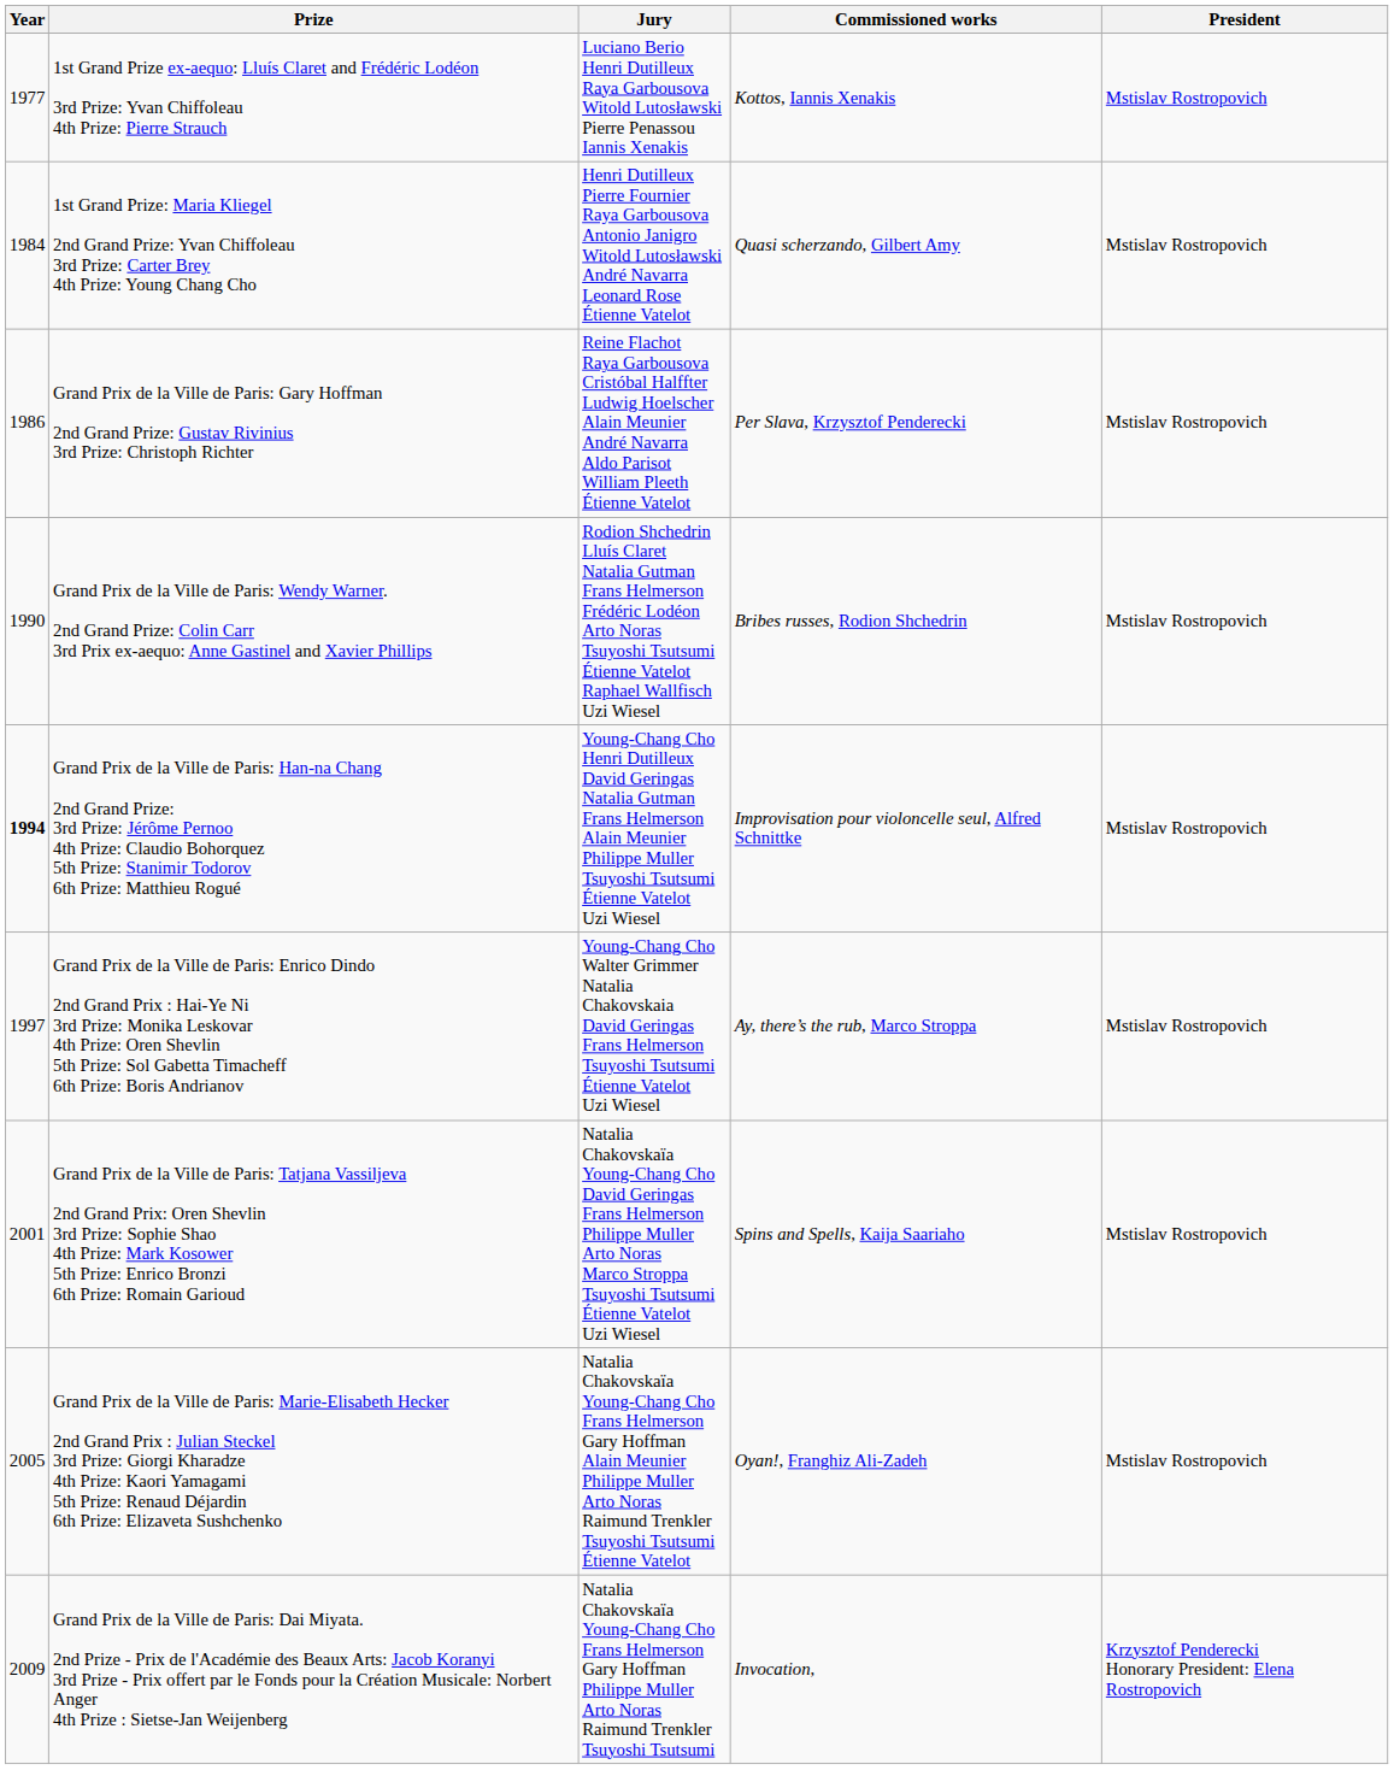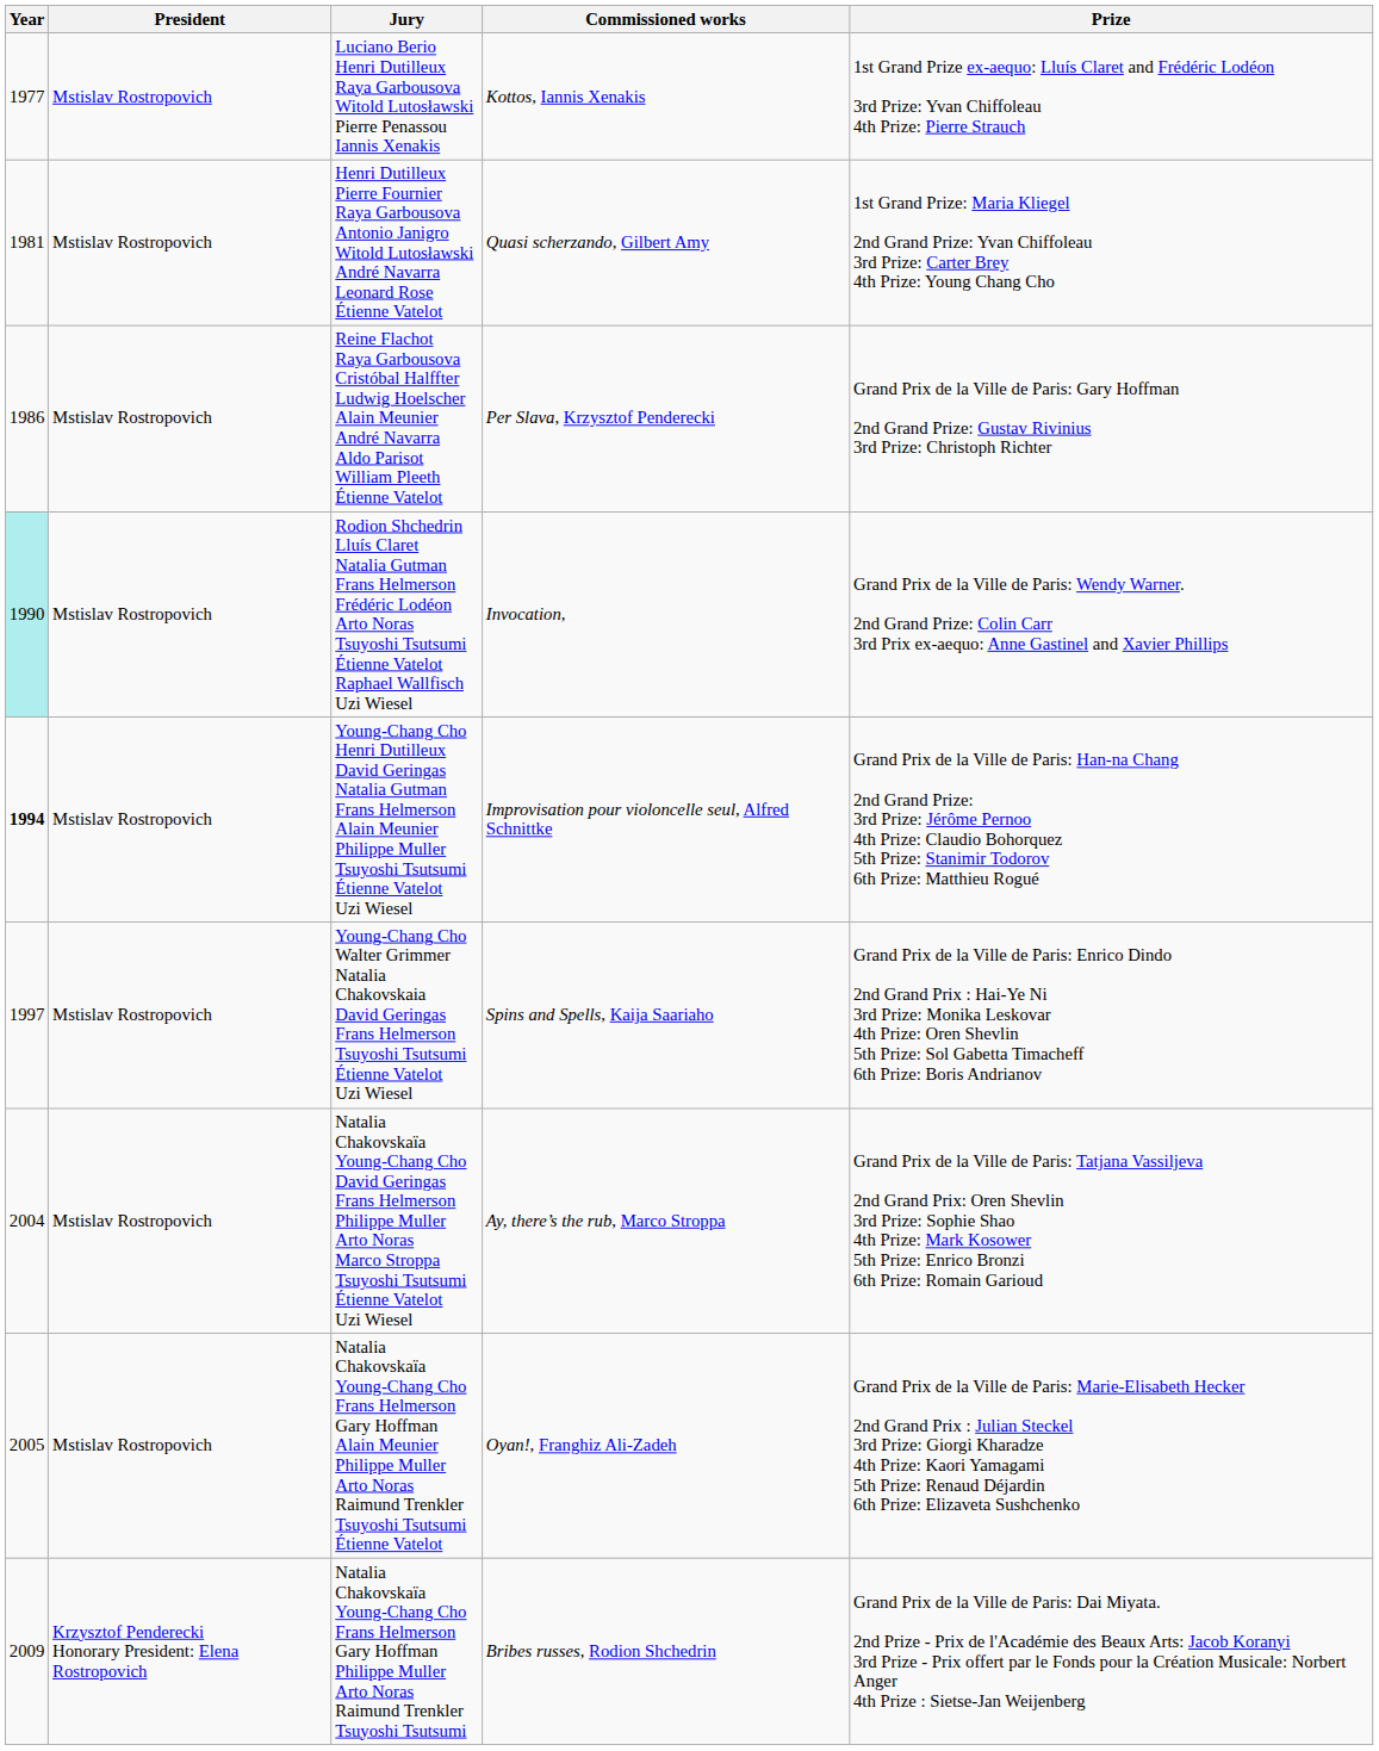 <table class="wikitable">
 <tr>
 <th>Year</th>
-<th>Prize</th>
+<th>President</th>
 <th>Jury</th>
 <th>Commissioned works</th>
-<th>President</th>
+<th>Prize</th>
 </tr>
 <tr>
 <td>1977</td>
-<td>1st Grand Prize <a href='#'>ex-aequo</a>: <a href='#'>Lluís Claret</a> and <a href='#'>Frédéric Lodéon</a><br><br>3rd Prize: Yvan Chiffoleau <br> 4th Prize: <a href='#'>Pierre Strauch</a></td>
+<td><a href='#'>Mstislav Rostropovich</a></td>
 <td><a href='#'>Luciano Berio</a> <br> <a href='#'>Henri Dutilleux</a><br> <a href='#'>Raya Garbousova</a><br> <a href='#'>Witold Lutosławski</a><br> Pierre Penassou<br> <a href='#'>Iannis Xenakis</a></td>
 <td><em>Kottos</em>, <a href='#'>Iannis Xenakis</a></td>
-<td><a href='#'>Mstislav Rostropovich</a></td>
+<td>1st Grand Prize <a href='#'>ex-aequo</a>: <a href='#'>Lluís Claret</a> and <a href='#'>Frédéric Lodéon</a><br><br>3rd Prize: Yvan Chiffoleau <br> 4th Prize: <a href='#'>Pierre Strauch</a></td>
 </tr>
 <tr>
-<td>1984</td>
-<td>1st Grand Prize: <a href='#'>Maria Kliegel</a><br><br>2nd Grand Prize: Yvan Chiffoleau <br> 3rd Prize: <a href='#'>Carter Brey</a> <br> 4th Prize: Young Chang Cho</td>
+<td>1981</td>
+<td>Mstislav Rostropovich</td>
 <td><a href='#'>Henri Dutilleux</a><br> <a href='#'>Pierre Fournier</a><br> <a href='#'>Raya Garbousova</a><br> <a href='#'>Antonio Janigro</a><br> <a href='#'>Witold Lutosławski</a><br> <a href='#'>André Navarra</a><br> <a href='#'>Leonard Rose</a><br> <a href='#'>Étienne Vatelot</a></td>
 <td><em>Quasi scherzando</em>, <a href='#'>Gilbert Amy</a></td>
-<td>Mstislav Rostropovich</td>
+<td>1st Grand Prize: <a href='#'>Maria Kliegel</a><br><br>2nd Grand Prize: Yvan Chiffoleau <br> 3rd Prize: <a href='#'>Carter Brey</a> <br> 4th Prize: Young Chang Cho</td>
 </tr>
 <tr>
 <td>1986</td>
-<td>Grand Prix de la Ville de Paris: Gary Hoffman <br><br>2nd Grand Prize: <a href='#'>Gustav Rivinius</a> <br> 3rd Prize: Christoph Richter</td>
+<td>Mstislav Rostropovich</td>
 <td><a href='#'>Reine Flachot</a><br> <a href='#'>Raya Garbousova</a><br> <a href='#'>Cristóbal Halffter</a><br> <a href='#'>Ludwig Hoelscher</a><br> <a href='#'>Alain Meunier</a><br> <a href='#'>André Navarra</a><br> <a href='#'>Aldo Parisot</a><br> <a href='#'>William Pleeth</a><br> <a href='#'>Étienne Vatelot</a></td>
 <td><em>Per Slava</em>, <a href='#'>Krzysztof Penderecki</a></td>
-<td>Mstislav Rostropovich</td>
+<td>Grand Prix de la Ville de Paris: Gary Hoffman <br><br>2nd Grand Prize: <a href='#'>Gustav Rivinius</a> <br> 3rd Prize: Christoph Richter</td>
 </tr>
 <tr>
-<td>1990</td>
+<td style="background: paleturquoise;">1990</td>
+<td>Mstislav Rostropovich</td>
+<td><a href='#'>Rodion Shchedrin</a><br> <a href='#'>Lluís Claret</a><br> <a href='#'>Natalia Gutman</a><br> <a href='#'>Frans Helmerson</a><br> <a href='#'>Frédéric Lodéon</a><br> <a href='#'>Arto Noras</a><br> <a href='#'>Tsuyoshi Tsutsumi</a><br> <a href='#'>Étienne Vatelot</a><br> <a href='#'>Raphael Wallfisch</a><br> Uzi Wiesel</td>
+<td><em>Invocation</em>, </td>
 <td>Grand Prix de la Ville de Paris: <a href='#'>Wendy Warner</a>. <br><br>2nd Grand Prize: <a href='#'>Colin Carr</a> <br> 3rd Prix ex-aequo: <a href='#'>Anne Gastinel</a> and <a href='#'>Xavier Phillips</a></td>
-<td><a href='#'>Rodion Shchedrin</a><br> <a href='#'>Lluís Claret</a><br> <a href='#'>Natalia Gutman</a><br> <a href='#'>Frans Helmerson</a><br> <a href='#'>Frédéric Lodéon</a><br> <a href='#'>Arto Noras</a><br> <a href='#'>Tsuyoshi Tsutsumi</a><br> <a href='#'>Étienne Vatelot</a><br> <a href='#'>Raphael Wallfisch</a><br> Uzi Wiesel</td>
-<td><em>Bribes russes</em>, <a href='#'>Rodion Shchedrin</a></td>
-<td>Mstislav Rostropovich</td>
 </tr>
 <tr>
 <td><strong>1994</strong></td>
-<td>Grand Prix de la Ville de Paris: <a href='#'>Han-na Chang</a> <br><br>2nd Grand Prize:  <br> 3rd Prize: <a href='#'>Jérôme Pernoo</a> <br> 4th Prize: Claudio Bohorquez <br> 5th Prize: <a href='#'>Stanimir Todorov</a> <br> 6th Prize: Matthieu Rogué</td>
+<td>Mstislav Rostropovich</td>
 <td><a href='#'>Young-Chang Cho</a><br> <a href='#'>Henri Dutilleux</a><br> <a href='#'>David Geringas</a><br> <a href='#'>Natalia Gutman</a><br> <a href='#'>Frans Helmerson</a><br> <a href='#'>Alain Meunier</a><br> <a href='#'>Philippe Muller</a><br> <a href='#'>Tsuyoshi Tsutsumi</a><br> <a href='#'>Étienne Vatelot</a><br> Uzi Wiesel</td>
 <td><em>Improvisation pour violoncelle seul</em>, <a href='#'>Alfred Schnittke</a></td>
-<td>Mstislav Rostropovich</td>
+<td>Grand Prix de la Ville de Paris: <a href='#'>Han-na Chang</a> <br><br>2nd Grand Prize:  <br> 3rd Prize: <a href='#'>Jérôme Pernoo</a> <br> 4th Prize: Claudio Bohorquez <br> 5th Prize: <a href='#'>Stanimir Todorov</a> <br> 6th Prize: Matthieu Rogué</td>
 </tr>
 <tr>
 <td>1997</td>
+<td>Mstislav Rostropovich</td>
+<td><a href='#'>Young-Chang Cho</a><br> Walter Grimmer<br> Natalia Chakovskaia<br> <a href='#'>David Geringas</a><br> <a href='#'>Frans Helmerson</a><br> <a href='#'>Tsuyoshi Tsutsumi</a><br> <a href='#'>Étienne Vatelot</a><br> Uzi Wiesel</td>
+<td><em>Spins and Spells</em>, <a href='#'>Kaija Saariaho</a></td>
 <td>Grand Prix de la Ville de Paris: Enrico Dindo <br><br>2nd Grand Prix : Hai-Ye Ni <br> 3rd Prize: Monika Leskovar <br> 4th Prize: Oren Shevlin <br> 5th Prize: Sol Gabetta Timacheff <br> 6th Prize: Boris Andrianov</td>
-<td><a href='#'>Young-Chang Cho</a><br> Walter Grimmer<br> Natalia Chakovskaia<br> <a href='#'>David Geringas</a><br> <a href='#'>Frans Helmerson</a><br> <a href='#'>Tsuyoshi Tsutsumi</a><br> <a href='#'>Étienne Vatelot</a><br> Uzi Wiesel</td>
-<td><em>Ay, there’s the rub</em>, <a href='#'>Marco Stroppa</a></td>
-<td>Mstislav Rostropovich</td>
 </tr>
 <tr>
-<td>2001</td>
+<td>2004</td>
+<td>Mstislav Rostropovich</td>
+<td>Natalia Chakovskaïa<br> <a href='#'>Young-Chang Cho</a><br> <a href='#'>David Geringas</a><br> <a href='#'>Frans Helmerson</a><br> <a href='#'>Philippe Muller</a><br> <a href='#'>Arto Noras</a><br> <a href='#'>Marco Stroppa</a><br> <a href='#'>Tsuyoshi Tsutsumi</a><br> <a href='#'>Étienne Vatelot</a><br> Uzi Wiesel</td>
+<td><em>Ay, there’s the rub</em>, <a href='#'>Marco Stroppa</a></td>
 <td>Grand Prix de la Ville de Paris: <a href='#'>Tatjana Vassiljeva</a><br><br>2nd Grand Prix: Oren Shevlin<br> 3rd Prize: Sophie Shao<br> 4th Prize: <a href='#'>Mark Kosower</a> <br> 5th Prize: Enrico Bronzi<br> 6th Prize: Romain Garioud</td>
-<td>Natalia Chakovskaïa<br> <a href='#'>Young-Chang Cho</a><br> <a href='#'>David Geringas</a><br> <a href='#'>Frans Helmerson</a><br> <a href='#'>Philippe Muller</a><br> <a href='#'>Arto Noras</a><br> <a href='#'>Marco Stroppa</a><br> <a href='#'>Tsuyoshi Tsutsumi</a><br> <a href='#'>Étienne Vatelot</a><br> Uzi Wiesel</td>
-<td><em>Spins and Spells</em>, <a href='#'>Kaija Saariaho</a></td>
-<td>Mstislav Rostropovich</td>
 </tr>
 <tr>
 <td>2005</td>
-<td>Grand Prix de la Ville de Paris: <a href='#'>Marie-Elisabeth Hecker</a><br><br>2nd Grand Prix : <a href='#'>Julian Steckel</a><br> 3rd Prize: Giorgi Kharadze<br> 4th Prize: Kaori Yamagami<br> 5th Prize: Renaud Déjardin<br> 6th Prize: Elizaveta Sushchenko</td>
+<td>Mstislav Rostropovich</td>
 <td>Natalia Chakovskaïa<br> <a href='#'>Young-Chang Cho</a><br> <a href='#'>Frans Helmerson</a><br> Gary Hoffman<br> <a href='#'>Alain Meunier</a><br> <a href='#'>Philippe Muller</a><br> <a href='#'>Arto Noras</a><br> Raimund Trenkler<br> <a href='#'>Tsuyoshi Tsutsumi</a><br> <a href='#'>Étienne Vatelot</a></td>
 <td><em>Oyan!</em>, <a href='#'>Franghiz Ali-Zadeh</a></td>
-<td>Mstislav Rostropovich</td>
+<td>Grand Prix de la Ville de Paris: <a href='#'>Marie-Elisabeth Hecker</a><br><br>2nd Grand Prix : <a href='#'>Julian Steckel</a><br> 3rd Prize: Giorgi Kharadze<br> 4th Prize: Kaori Yamagami<br> 5th Prize: Renaud Déjardin<br> 6th Prize: Elizaveta Sushchenko</td>
 </tr>
 <tr>
 <td>2009</td>
+<td><a href='#'>Krzysztof Penderecki</a><br>Honorary President: <a href='#'>Elena Rostropovich</a></td>
+<td>Natalia Chakovskaïa<br> <a href='#'>Young-Chang Cho</a><br> <a href='#'>Frans Helmerson</a><br> Gary Hoffman<br> <a href='#'>Philippe Muller</a><br> <a href='#'>Arto Noras</a><br> Raimund Trenkler<br> <a href='#'>Tsuyoshi Tsutsumi</a></td>
+<td><em>Bribes russes</em>, <a href='#'>Rodion Shchedrin</a></td>
 <td>Grand Prix de la Ville de Paris: Dai Miyata.<br><br>2nd Prize - Prix de l'Académie des Beaux Arts: <a href='#'>Jacob Koranyi</a><br> 3rd Prize - Prix offert par le Fonds pour la Création Musicale: Norbert Anger<br> 4th Prize : Sietse-Jan Weijenberg<br></td>
-<td>Natalia Chakovskaïa<br> <a href='#'>Young-Chang Cho</a><br> <a href='#'>Frans Helmerson</a><br> Gary Hoffman<br> <a href='#'>Philippe Muller</a><br> <a href='#'>Arto Noras</a><br> Raimund Trenkler<br> <a href='#'>Tsuyoshi Tsutsumi</a></td>
-<td><em>Invocation</em>, </td>
-<td><a href='#'>Krzysztof Penderecki</a><br>Honorary President: <a href='#'>Elena Rostropovich</a></td>
 </tr>
 </table>
